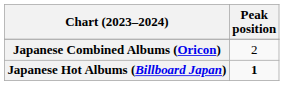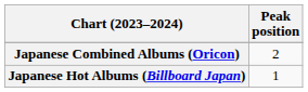 <table class="wikitable sortable plainrowheaders" style="text-align:center;">
 <tr>
 <th scope="col">Chart (2023–2024)</th>
 <th scope="col">Peak<br>position</th>
 </tr>
 <tr>
 </tr>
 <tr>
 <th scope="row">Japanese Combined Albums (<a href='#'>Oricon</a>)</th>
 <td>2</td>
 </tr>
 <tr>
 <th scope="row">Japanese Hot Albums (<em><a href='#'>Billboard Japan</a></em>)</th>
-<td><strong>1</strong></td>
+<td>1</td>
 </tr>
 </table>
